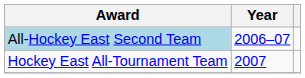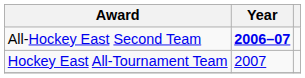 <table class="wikitable">
 <tr>
 <th>Award</th>
 <th>Year</th>
 <th></th>
 </tr>
 <tr>
-<td style="background: lightblue;">All-<a href='#'>Hockey East</a> <a href='#'>Second Team</a></td>
-<td><a href='#'>2006–07</a></td>
+<td>All-<a href='#'>Hockey East</a> <a href='#'>Second Team</a></td>
+<td><strong><a href='#'>2006–07</a></strong></td>
 <td></td>
 </tr>
 <tr>
 <td><a href='#'>Hockey East</a> <a href='#'>All-Tournament Team</a></td>
 <td><a href='#'>2007</a></td>
 <td></td>
 </tr>
 <tr>
 </tr>
 </table>
